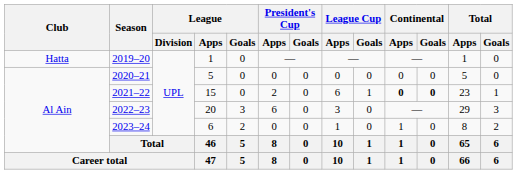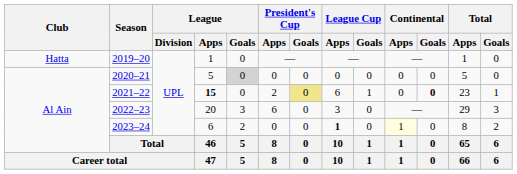 <table class="wikitable" style="text-align:center">
 <tr>
 <th rowspan="2" width="150">Club</th>
 <th rowspan="2">Season</th>
 <th colspan="3">League</th>
 <th colspan="2"><a href='#'>President's Cup</a></th>
 <th colspan="2"><a href='#'>League Cup</a></th>
 <th colspan="2">Continental</th>
 <th colspan="2">Total</th>
 </tr>
 <tr>
 <th>Division</th>
 <th width="40">Apps</th>
 <th width="40">Goals</th>
 <th width="40">Apps</th>
 <th width="40">Goals</th>
 <th width="40">Apps</th>
 <th width="40">Goals</th>
 <th width="40">Apps</th>
 <th width="40">Goals</th>
 <th width="40">Apps</th>
 <th width="40">Goals</th>
 </tr>
 <tr>
 <td><a href='#'>Hatta</a></td>
 <td><a href='#'>2019–20</a></td>
 <td rowspan="5"><a href='#'>UPL</a></td>
 <td>1</td>
 <td>0</td>
 <td colspan="2">—</td>
 <td colspan="2">—</td>
 <td colspan="2">—</td>
 <td>1</td>
 <td>0</td>
 </tr>
 <tr>
 <td rowspan="5"><a href='#'>Al Ain</a></td>
 <td><a href='#'>2020–21</a></td>
 <td>5</td>
-<td>0</td>
+<td style="background: lightgrey;">0</td>
 <td>0</td>
 <td>0</td>
 <td>0</td>
 <td>0</td>
 <td>0</td>
 <td>0</td>
 <td>5</td>
 <td>0</td>
 </tr>
 <tr>
 <td><a href='#'>2021–22</a></td>
-<td>15</td>
+<td><strong>15</strong></td>
 <td>0</td>
 <td>2</td>
-<td>0</td>
+<td style="background: khaki;">0</td>
 <td>6</td>
 <td>1</td>
-<td><strong>0</strong></td>
+<td>0</td>
 <td><strong>0</strong></td>
 <td>23</td>
 <td>1</td>
 </tr>
 <tr>
 <td><a href='#'>2022–23</a></td>
 <td>20</td>
 <td>3</td>
 <td>6</td>
 <td>0</td>
 <td>3</td>
 <td>0</td>
 <td colspan="2">—</td>
 <td>29</td>
 <td>3</td>
 </tr>
 <tr>
 <td><a href='#'>2023–24</a></td>
 <td>6</td>
 <td>2</td>
 <td>0</td>
 <td>0</td>
-<td>1</td>
+<td><strong>1</strong></td>
 <td>0</td>
-<td>1</td>
+<td style="background: lightyellow;">1</td>
 <td>0</td>
 <td>8</td>
 <td>2</td>
 </tr>
 <tr>
 <th colspan="2">Total</th>
 <th>46</th>
 <th>5</th>
 <th>8</th>
 <th>0</th>
 <th>10</th>
 <th>1</th>
 <th>1</th>
 <th>0</th>
 <th>65</th>
 <th>6</th>
 </tr>
 <tr>
 <th colspan="3">Career total</th>
 <th>47</th>
 <th>5</th>
 <th>8</th>
 <th>0</th>
 <th>10</th>
 <th>1</th>
 <th>1</th>
 <th>0</th>
 <th>66</th>
 <th>6</th>
 </tr>
 </table>
